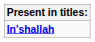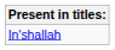 <table class="wikitable">
 <tr>
 <th>Present in titles:</th>
 </tr>
 <tr>
-<td><strong><a href='#'>In'shallah</a></strong></td>
+<td><a href='#'>In'shallah</a></td>
 </tr>
 </table>
